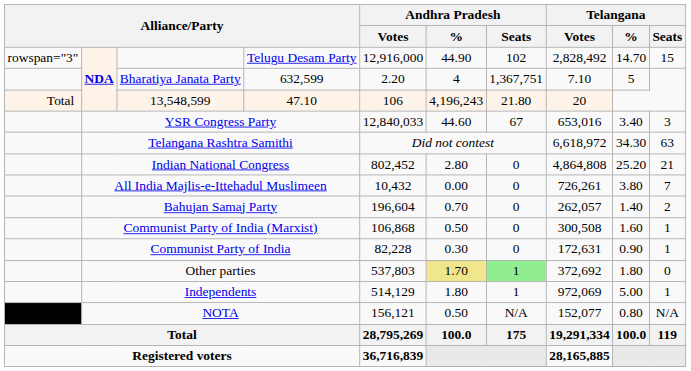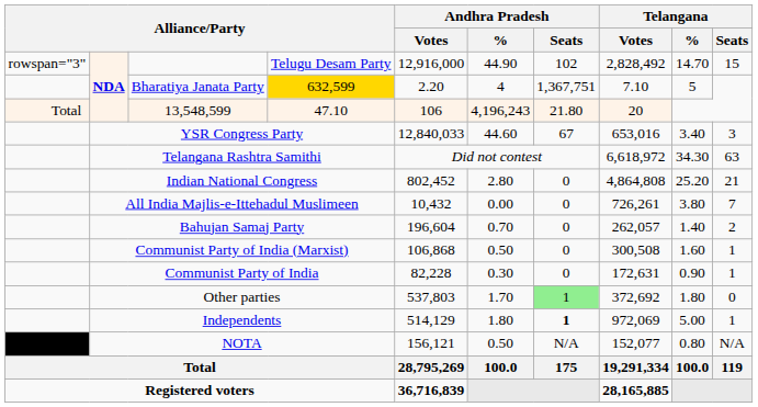 <table class="wikitable sortable" style="text-align:center;">
 <tr>
 <th colspan="4" rowspan="2">Alliance/Party</th>
 <th colspan="3">Andhra Pradesh</th>
 <th colspan="3">Telangana</th>
 </tr>
 <tr>
 <th>Votes</th>
 <th>%</th>
 <th>Seats</th>
 <th>Votes</th>
 <th>%</th>
 <th>Seats</th>
 </tr>
 <tr>
 <td>rowspan="3" </td>
 <th rowspan="3" style="background:#FEF3E8"><a href='#'>NDA</a></th>
 <td></td>
 <td><a href='#'>Telugu Desam Party</a></td>
 <td>12,916,000</td>
 <td>44.90</td>
 <td>102</td>
 <td>2,828,492</td>
 <td>14.70</td>
 <td>15</td>
 </tr>
 <tr>
 <td></td>
 <td><a href='#'>Bharatiya Janata Party</a></td>
-<td>632,599</td>
+<td style="background: gold;">632,599</td>
 <td>2.20</td>
 <td>4</td>
 <td>1,367,751</td>
 <td>7.10</td>
 <td>5</td>
 </tr>
 <tr>
 <td colspan="2" style="background:#FEF3E8">Total</td>
 <td style="background:#FEF3E8">13,548,599</td>
 <td style="background:#FEF3E8">47.10</td>
 <td style="background:#FEF3E8">106</td>
 <td style="background:#FEF3E8">4,196,243</td>
 <td style="background:#FEF3E8">21.80</td>
 <td style="background:#FEF3E8">20</td>
 </tr>
 <tr>
 <td></td>
 <td colspan="3"><a href='#'>YSR Congress Party</a></td>
 <td>12,840,033</td>
 <td>44.60</td>
 <td>67</td>
 <td>653,016</td>
 <td>3.40</td>
 <td>3</td>
 </tr>
 <tr>
 <td></td>
 <td colspan="3"><a href='#'>Telangana Rashtra Samithi</a></td>
 <td colspan=3><em>Did not contest</em></td>
 <td>6,618,972</td>
 <td>34.30</td>
 <td>63</td>
 </tr>
 <tr>
 <td></td>
 <td colspan="3"><a href='#'>Indian National Congress</a></td>
 <td>802,452</td>
 <td>2.80</td>
 <td>0</td>
 <td>4,864,808</td>
 <td>25.20</td>
 <td>21</td>
 </tr>
 <tr>
 <td></td>
 <td colspan="3"><a href='#'>All India Majlis-e-Ittehadul Muslimeen</a></td>
 <td>10,432</td>
 <td>0.00</td>
 <td>0</td>
 <td>726,261</td>
 <td>3.80</td>
 <td>7</td>
 </tr>
 <tr>
 <td></td>
 <td colspan="3"><a href='#'>Bahujan Samaj Party</a></td>
 <td>196,604</td>
 <td>0.70</td>
 <td>0</td>
 <td>262,057</td>
 <td>1.40</td>
 <td>2</td>
 </tr>
 <tr>
 <td></td>
 <td colspan="3"><a href='#'>Communist Party of India (Marxist)</a></td>
 <td>106,868</td>
 <td>0.50</td>
 <td>0</td>
 <td>300,508</td>
 <td>1.60</td>
 <td>1</td>
 </tr>
 <tr>
 <td></td>
 <td colspan="3"><a href='#'>Communist Party of India</a></td>
 <td>82,228</td>
 <td>0.30</td>
 <td>0</td>
 <td>172,631</td>
 <td>0.90</td>
 <td>1</td>
 </tr>
 <tr>
 <td></td>
 <td colspan="3">Other parties</td>
 <td>537,803</td>
-<td style="background: khaki;">1.70</td>
+<td>1.70</td>
 <td style="background: lightgreen;">1</td>
 <td>372,692</td>
 <td>1.80</td>
 <td>0</td>
 </tr>
 <tr>
 <td></td>
 <td colspan="3"><a href='#'>Independents</a></td>
 <td>514,129</td>
 <td>1.80</td>
-<td>1</td>
+<td><strong>1</strong></td>
 <td>972,069</td>
 <td>5.00</td>
 <td>1</td>
 </tr>
 <tr>
 <td bgcolor="black"></td>
 <td colspan="3"><a href='#'>NOTA</a></td>
 <td>156,121</td>
 <td>0.50</td>
 <td>N/A</td>
 <td>152,077</td>
 <td>0.80</td>
 <td>N/A</td>
 </tr>
 <tr>
 <th colspan="4">Total</th>
 <th>28,795,269</th>
 <th>100.0</th>
 <th>175</th>
 <th>19,291,334</th>
 <th>100.0</th>
 <th>119</th>
 </tr>
 <tr>
 <td colspan="4"><strong>Registered voters</strong></td>
 <td><strong>36,716,839</strong></td>
 <td colspan=2 style="background-color:#E9E9E9"></td>
 <td><strong>28,165,885</strong></td>
 <td colspan=2 style="background-color:#E9E9E9"></td>
 </tr>
 </table>
